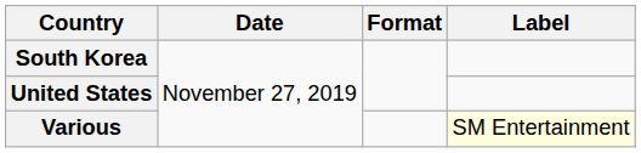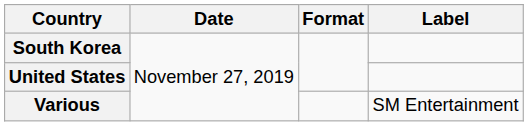 <table class="wikitable plainrowheaders">
 <tr>
 <th>Country</th>
 <th>Date</th>
 <th>Format</th>
 <th>Label</th>
 </tr>
 <tr>
 <th scope="row">South Korea</th>
 <td rowspan="3">November 27, 2019</td>
 <td rowspan="2"></td>
 <td></td>
 </tr>
 <tr>
 <th scope="row">United States</th>
 <td></td>
 </tr>
 <tr>
 <th scope="row">Various</th>
 <td></td>
-<td style="background: lightyellow;">SM Entertainment</td>
+<td>SM Entertainment</td>
 </tr>
 </table>
